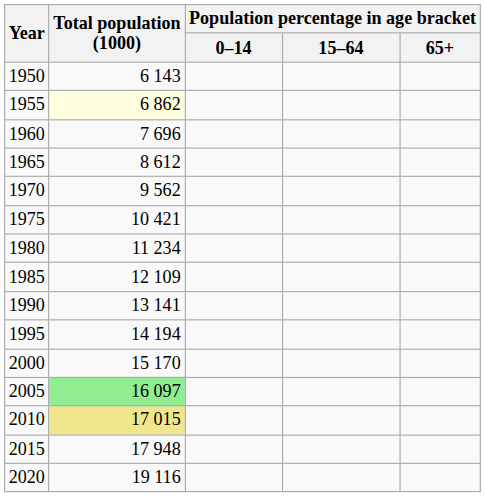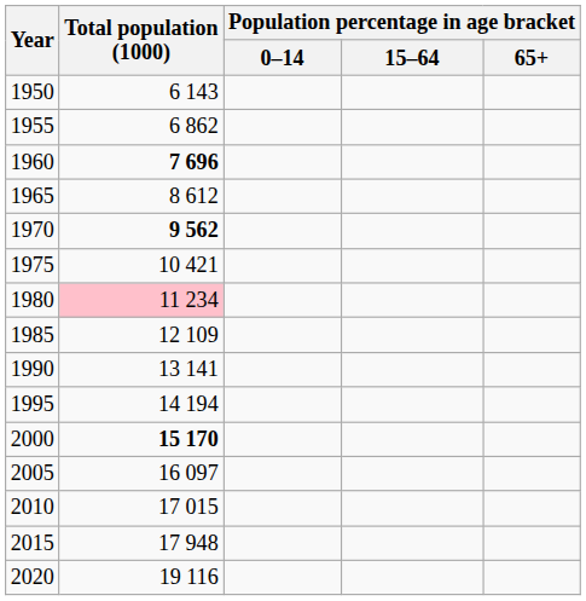 <table class="wikitable" style="text-align: right;">
 <tr>
 <th rowspan=2>Year</th>
 <th rowspan=2>Total population<br>(1000)</th>
 <th colspan=3>Population percentage in age bracket</th>
 </tr>
 <tr>
 <th>0–14</th>
 <th>15–64</th>
 <th>65+</th>
 </tr>
 <tr>
 <td>1950</td>
 <td>6 143</td>
 <td></td>
 <td></td>
 <td></td>
 </tr>
 <tr>
 <td>1955</td>
-<td style="background: lightyellow;">6 862</td>
+<td>6 862</td>
 <td></td>
 <td></td>
 <td></td>
 </tr>
 <tr>
 <td>1960</td>
-<td>7 696</td>
+<td><strong>7 696</strong></td>
 <td></td>
 <td></td>
 <td></td>
 </tr>
 <tr>
 <td>1965</td>
 <td>8 612</td>
 <td></td>
 <td></td>
 <td></td>
 </tr>
 <tr>
 <td>1970</td>
-<td>9 562</td>
+<td><strong>9 562</strong></td>
 <td></td>
 <td></td>
 <td></td>
 </tr>
 <tr>
 <td>1975</td>
 <td>10 421</td>
 <td></td>
 <td></td>
 <td></td>
 </tr>
 <tr>
 <td>1980</td>
-<td>11 234</td>
+<td style="background: pink;">11 234</td>
 <td></td>
 <td></td>
 <td></td>
 </tr>
 <tr>
 <td>1985</td>
 <td>12 109</td>
 <td></td>
 <td></td>
 <td></td>
 </tr>
 <tr>
 <td>1990</td>
 <td>13 141</td>
 <td></td>
 <td></td>
 <td></td>
 </tr>
 <tr>
 <td>1995</td>
 <td>14 194</td>
 <td></td>
 <td></td>
 <td></td>
 </tr>
 <tr>
 <td>2000</td>
-<td>15 170</td>
+<td><strong>15 170</strong></td>
 <td></td>
 <td></td>
 <td></td>
 </tr>
 <tr>
 <td>2005</td>
-<td style="background: lightgreen;">16 097</td>
+<td>16 097</td>
 <td></td>
 <td></td>
 <td></td>
 </tr>
 <tr>
 <td>2010</td>
-<td style="background: khaki;">17 015</td>
+<td>17 015</td>
 <td></td>
 <td></td>
 <td></td>
 </tr>
 <tr>
 <td>2015</td>
 <td>17 948</td>
 <td></td>
 <td></td>
 <td></td>
 </tr>
 <tr>
 <td>2020</td>
 <td>19 116</td>
 <td></td>
 <td></td>
 <td></td>
 </tr>
 </table>
